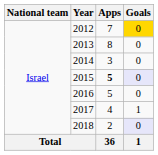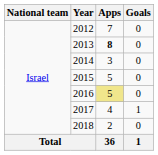 <table class="wikitable" style="text-align:center">
 <tr>
 <th>National team</th>
 <th>Year</th>
 <th>Apps</th>
 <th>Goals</th>
 </tr>
 <tr>
 <td rowspan="7"><a href='#'>Israel</a></td>
 <td>2012</td>
 <td>7</td>
-<td style="background: gold;">0</td>
+<td>0</td>
 </tr>
 <tr>
 <td>2013</td>
-<td>8</td>
+<td><strong>8</strong></td>
 <td>0</td>
 </tr>
 <tr>
 <td>2014</td>
 <td>3</td>
 <td>0</td>
 </tr>
 <tr>
 <td>2015</td>
-<td><strong>5</strong></td>
-<td style="background: lavender;">0</td>
+<td>5</td>
+<td>0</td>
 </tr>
 <tr>
 <td>2016</td>
-<td>5</td>
+<td style="background: khaki;">5</td>
 <td>0</td>
 </tr>
 <tr>
 <td>2017</td>
 <td>4</td>
 <td>1</td>
 </tr>
 <tr>
 <td>2018</td>
 <td>2</td>
-<td style="background: lavender;">0</td>
+<td>0</td>
 </tr>
 <tr>
 <th colspan="2">Total</th>
 <th>36</th>
 <th>1</th>
 </tr>
 </table>
